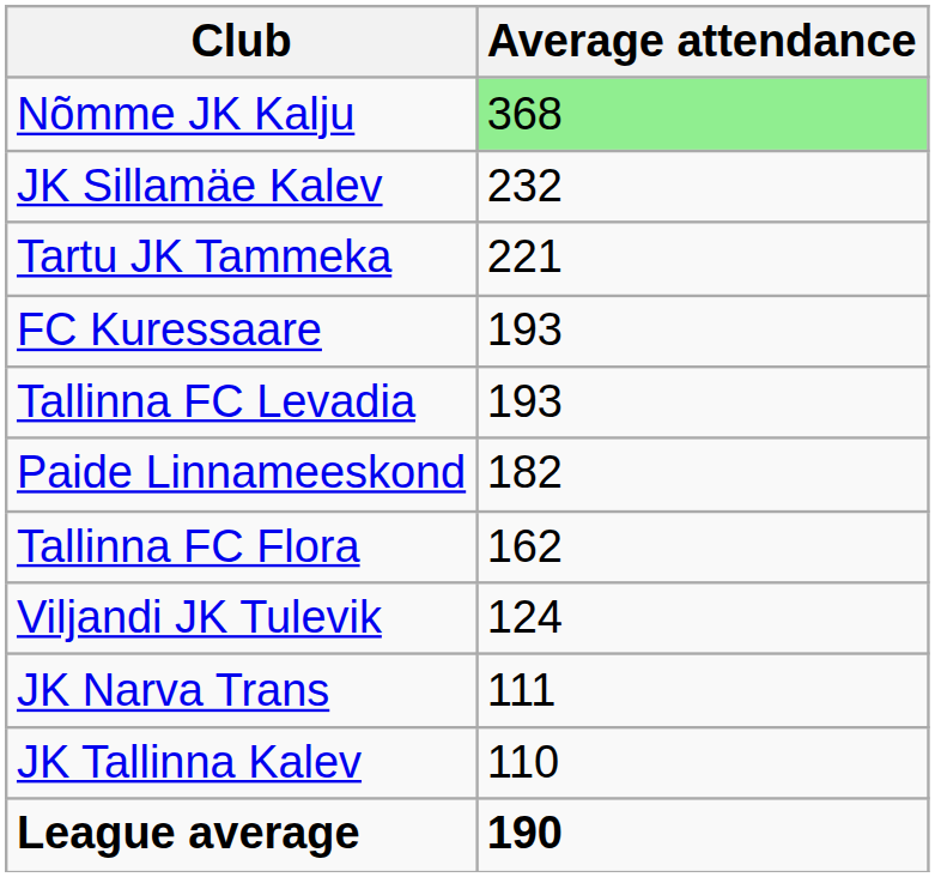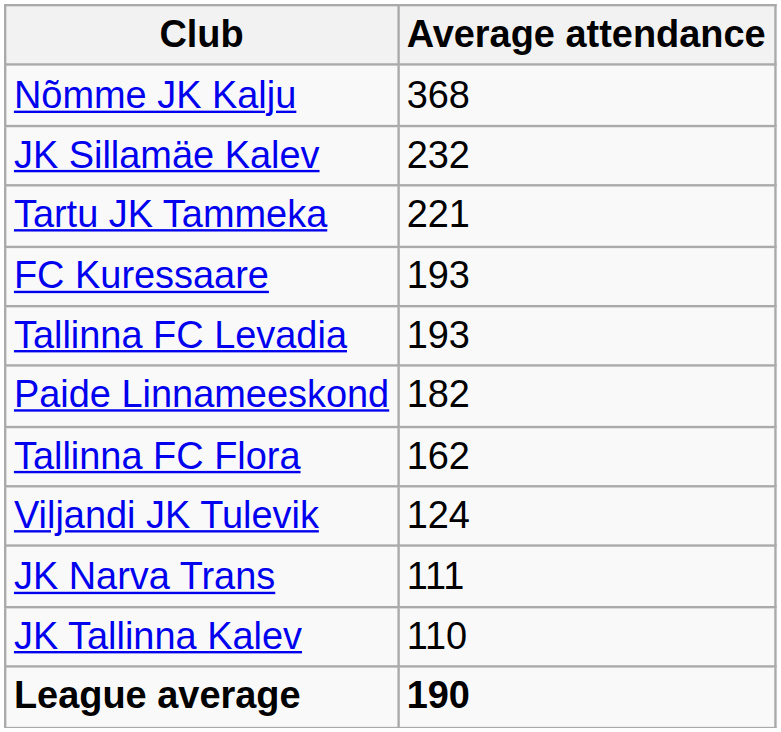 <table class="wikitable sortable">
 <tr>
 <th>Club</th>
 <th>Average attendance</th>
 </tr>
 <tr>
 <td><a href='#'>Nõmme JK Kalju</a></td>
-<td style="background: lightgreen;">368</td>
+<td>368</td>
 </tr>
 <tr>
 <td><a href='#'>JK Sillamäe Kalev</a></td>
 <td>232</td>
 </tr>
 <tr>
 <td><a href='#'>Tartu JK Tammeka</a></td>
 <td>221</td>
 </tr>
 <tr>
 <td><a href='#'>FC Kuressaare</a></td>
 <td>193</td>
 </tr>
 <tr>
 <td><a href='#'>Tallinna FC Levadia</a></td>
 <td>193</td>
 </tr>
 <tr>
 <td><a href='#'>Paide Linnameeskond</a></td>
 <td>182</td>
 </tr>
 <tr>
 <td><a href='#'>Tallinna FC Flora</a></td>
 <td>162</td>
 </tr>
 <tr>
 <td><a href='#'>Viljandi JK Tulevik</a></td>
 <td>124</td>
 </tr>
 <tr>
 <td><a href='#'>JK Narva Trans</a></td>
 <td>111</td>
 </tr>
 <tr>
 <td><a href='#'>JK Tallinna Kalev</a></td>
 <td>110</td>
 </tr>
 <tr>
 <td><strong>League average</strong></td>
 <td><strong>190</strong></td>
 </tr>
 </table>
